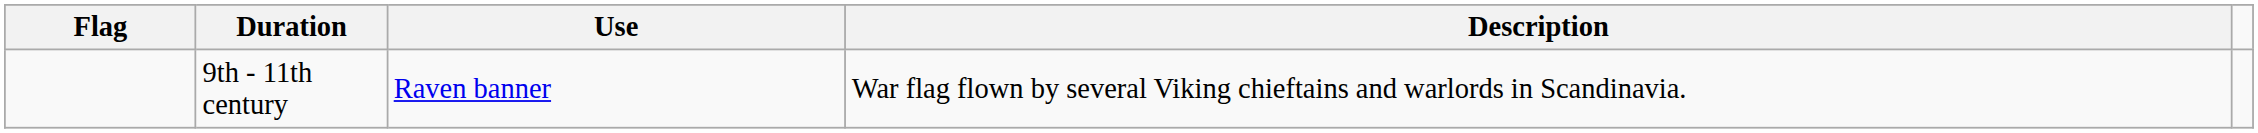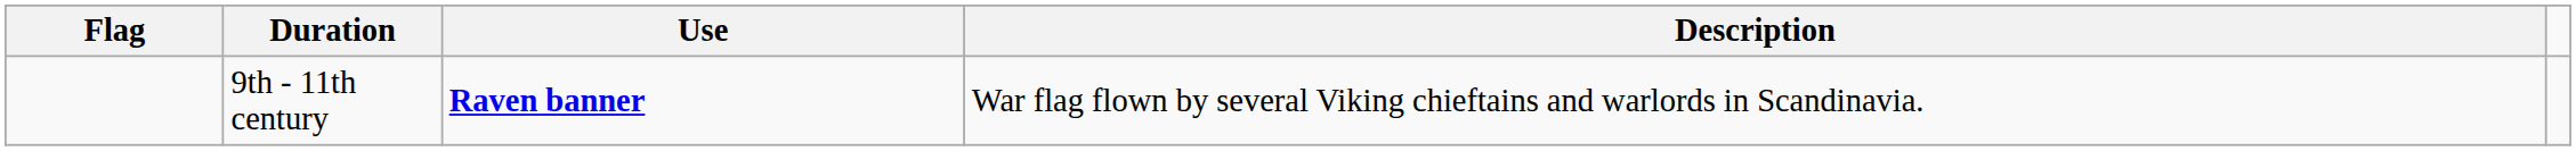 <table class="wikitable" width="100%">
 <tr>
 <th style="width:100px;">Flag</th>
 <th style="width:100px;">Duration</th>
 <th style="width:250px;">Use</th>
 <th style="min-width:250px">Description</th>
 </tr>
 <tr>
 <td></td>
 <td>9th - 11th century</td>
-<td><a href='#'>Raven banner</a></td>
+<td><strong><a href='#'>Raven banner</a></strong></td>
 <td>War flag flown by several Viking chieftains and warlords in Scandinavia.</td>
 <td></td>
 </tr>
 </table>
